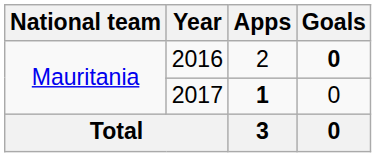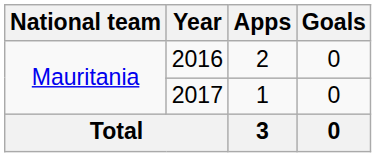 <table class="wikitable" style="text-align:center">
 <tr>
 <th>National team</th>
 <th>Year</th>
 <th>Apps</th>
 <th>Goals</th>
 </tr>
 <tr>
 <td rowspan="2"><a href='#'>Mauritania</a></td>
 <td>2016</td>
 <td>2</td>
-<td><strong>0</strong></td>
+<td>0</td>
 </tr>
 <tr>
 <td>2017</td>
-<td><strong>1</strong></td>
+<td>1</td>
 <td>0</td>
 </tr>
 <tr>
 <th colspan="2">Total</th>
 <th>3</th>
 <th>0</th>
 </tr>
 </table>
